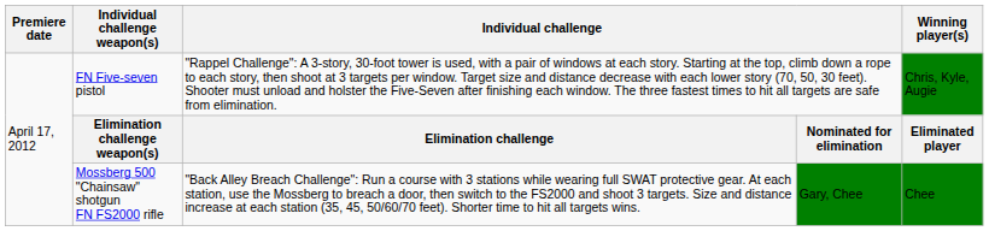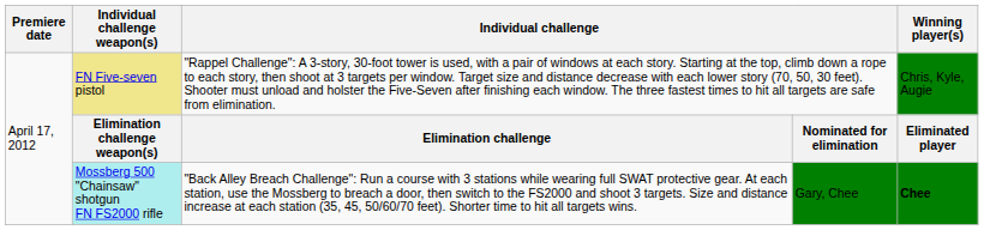 <table class="wikitable">
 <tr>
 <th>Premiere date</th>
 <th>Individual challenge weapon(s)</th>
 <th colspan="2">Individual challenge</th>
 <th>Winning player(s)</th>
 </tr>
 <tr>
 <td rowspan="3">April 17, 2012</td>
-<td><a href='#'>FN Five-seven</a> pistol</td>
+<td style="background: khaki;"><a href='#'>FN Five-seven</a> pistol</td>
 <td colspan="2">"Rappel Challenge": A 3-story, 30-foot tower is used, with a pair of windows at each story. Starting at the top, climb down a rope to each story, then shoot at 3 targets per window. Target size and distance decrease with each lower story (70, 50, 30 feet). Shooter must unload and holster the Five-Seven after finishing each window. The three fastest times to hit all targets are safe from elimination.</td>
 <td bgcolor="green"><span>Chris, Kyle, Augie</span></td>
 </tr>
 <tr>
 <th>Elimination challenge weapon(s)</th>
 <th>Elimination challenge</th>
 <th>Nominated for elimination</th>
 <th>Eliminated player</th>
 </tr>
 <tr>
-<td><a href='#'>Mossberg 500</a> "Chainsaw" shotgun<br><a href='#'>FN FS2000</a> rifle</td>
+<td style="background: paleturquoise;"><a href='#'>Mossberg 500</a> "Chainsaw" shotgun<br><a href='#'>FN FS2000</a> rifle</td>
 <td>"Back Alley Breach Challenge": Run a course with 3 stations while wearing full SWAT protective gear. At each station, use the Mossberg to breach a door, then switch to the FS2000 and shoot 3 targets. Size and distance increase at each station (35, 45, 50/60/70 feet). Shorter time to hit all targets wins.</td>
 <td bgcolor="green"><span>Gary, Chee</span></td>
-<td bgcolor="green"><span>Chee</span></td>
+<td bgcolor="green"><strong><span>Chee</span></strong></td>
 </tr>
 </table>
